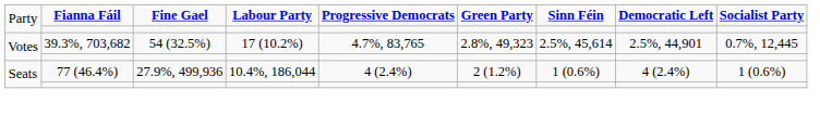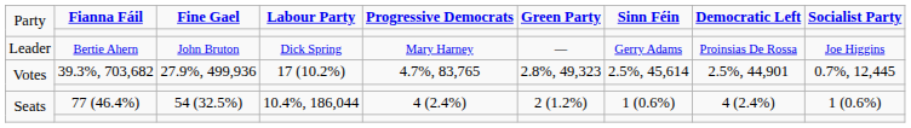 <table class="wikitable" style="text-align:center; padding-left:1em;">
 <tr>
 <td rowspan=2>Party</td>
 <td align=center><strong><a href='#'>Fianna Fáil</a></strong></td>
 <td align=center><strong><a href='#'>Fine Gael</a></strong></td>
 <td align=center><strong><a href='#'>Labour Party</a></strong></td>
 <td align=center><strong><a href='#'>Progressive Democrats</a></strong></td>
 <td align=center><strong><a href='#'>Green Party</a></strong></td>
 <td align=center><strong><a href='#'>Sinn Féin</a></strong></td>
 <td align=center><strong><a href='#'>Democratic Left</a></strong></td>
 <td align=center><strong><a href='#'>Socialist Party</a></strong></td>
 </tr>
 <tr style="text-align:center;">
 <td style="text-align:center; background:"></td>
 <td style="text-align:center; background:"></td>
 <td style="text-align:center; background:"></td>
 <td style="text-align:center; background:"></td>
 <td style="text-align:center; background:"></td>
 <td style="text-align:center; background:"></td>
 <td style="text-align:center; background:"></td>
 <td style="text-align:center; background:"></td>
 </tr>
 <tr>
+<td>Leader</td>
+<td align=center><small><a href='#'>Bertie Ahern</a></small></td>
+<td align=center><small><a href='#'>John Bruton</a></small></td>
+<td align=center><small><a href='#'>Dick Spring</a></small></td>
+<td align=center><small><a href='#'>Mary Harney</a></small></td>
+<td align=center><small>—</small></td>
+<td align=center><small><a href='#'>Gerry Adams</a></small></td>
+<td align=center><small><a href='#'>Proinsias De Rossa</a></small></td>
+<td align=center><small><a href='#'>Joe Higgins</a></small></td>
+</tr>
+<tr>
 <td rowspan=2>Votes</td>
 <td align=center>39.3%, 703,682</td>
-<td align=center>54 (32.5%)</td>
+<td align=center>27.9%, 499,936</td>
 <td align=center>17 (10.2%)</td>
 <td align=center>4.7%, 83,765</td>
 <td align=center>2.8%, 49,323</td>
 <td align=center>2.5%, 45,614</td>
 <td align=center>2.5%, 44,901</td>
 <td align=center>0.7%, 12,445</td>
 </tr>
 <tr>
 <td></td>
 <td></td>
 <td></td>
 <td></td>
 <td></td>
 <td></td>
 <td></td>
 <td></td>
 </tr>
 <tr>
 <td rowspan=2>Seats</td>
 <td align=center>77 (46.4%)</td>
-<td align=center>27.9%, 499,936</td>
+<td align=center>54 (32.5%)</td>
 <td align=center>10.4%, 186,044</td>
 <td align=center>4 (2.4%)</td>
 <td align=center>2 (1.2%)</td>
 <td align=center>1 (0.6%)</td>
 <td align=center>4 (2.4%)</td>
 <td align=center>1 (0.6%)</td>
 </tr>
 <tr>
 <td></td>
 <td></td>
 <td></td>
 <td></td>
 <td></td>
 <td></td>
 <td></td>
 <td></td>
 </tr>
 </table>
